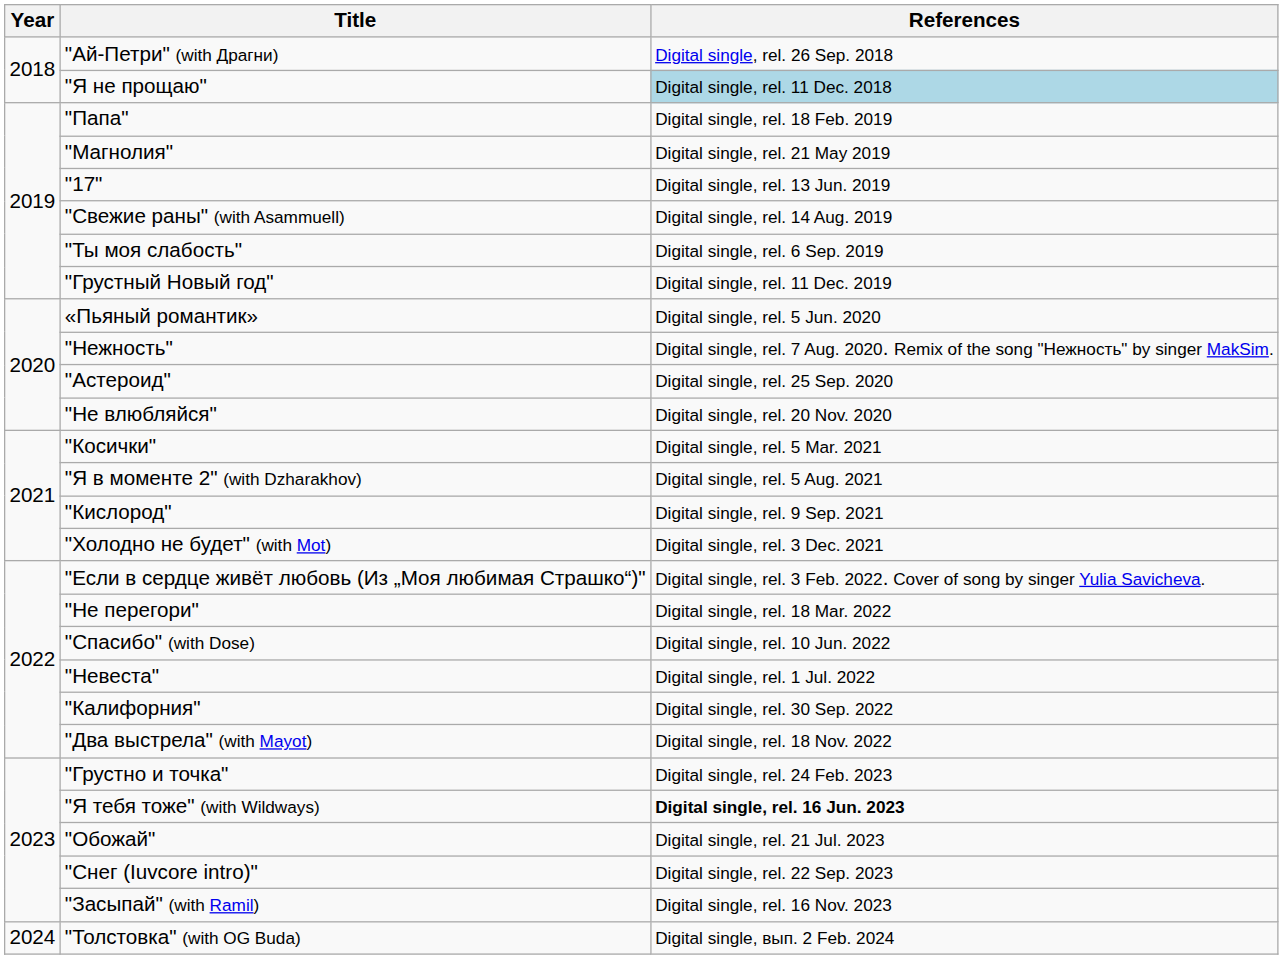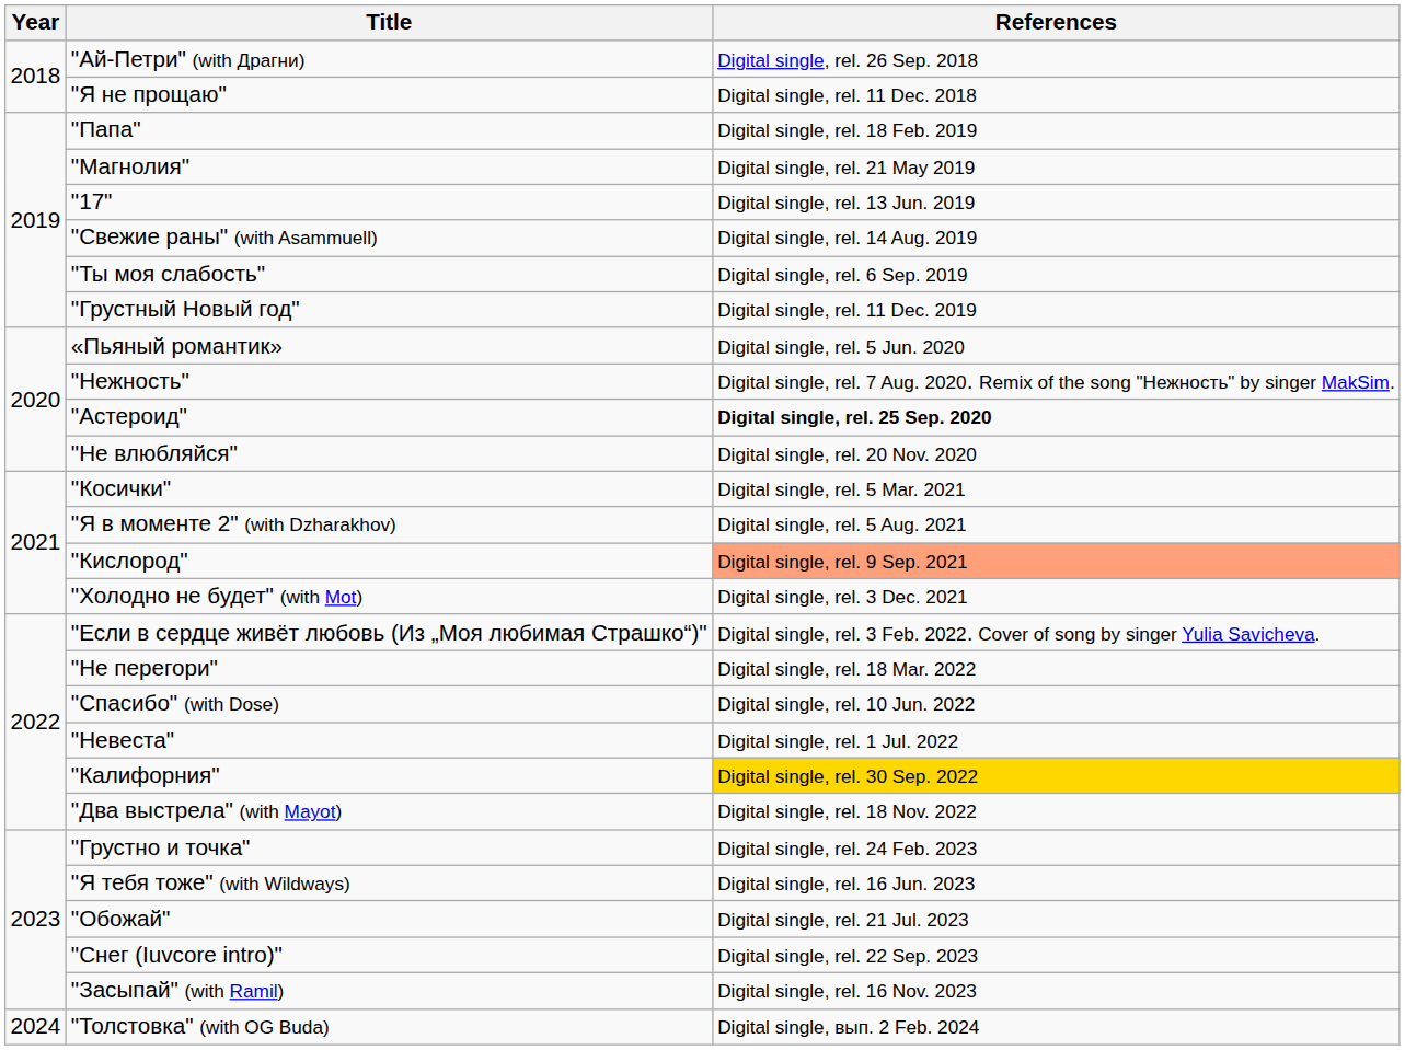 <table class="wikitable">
 <tr>
 <th rowspan="1">Year</th>
 <th rowspan="1">Title</th>
 <th rowspan="1">References</th>
 </tr>
 <tr>
 <td rowspan="2" align="center">2018</td>
 <td>"Ай-Петри" <small>(with Драгни)</small></td>
 <td><small><a href='#'>Digital single</a>, rel. 26 Sep. 2018</small></td>
 </tr>
 <tr>
 <td>"Я не прощаю"</td>
-<td style="background: lightblue;"><small>Digital single, rel. 11 Dec. 2018</small></td>
+<td><small>Digital single, rel. 11 Dec. 2018</small></td>
 </tr>
 <tr>
 <td rowspan="6" align="center">2019</td>
 <td>"Папа"</td>
 <td><small>Digital single, rel. 18 Feb. 2019</small></td>
 </tr>
 <tr>
 <td>"Магнолия"</td>
 <td><small>Digital single, rel. 21 May 2019</small></td>
 </tr>
 <tr>
 <td>"17"</td>
 <td><small>Digital single, rel. 13 Jun. 2019</small></td>
 </tr>
 <tr>
 <td>"Свежие раны" <small>(with Asammuell)</small></td>
 <td><small>Digital single, rel. 14 Aug. 2019</small></td>
 </tr>
 <tr>
 <td>"Ты моя слабость"</td>
 <td><small>Digital single, rel. 6 Sep. 2019</small></td>
 </tr>
 <tr>
 <td>"Грустный Новый год"</td>
 <td><small>Digital single, rel. 11 Dec. 2019</small></td>
 </tr>
 <tr>
 <td rowspan="4" align="center">2020</td>
 <td>«‎Пьяный романтик»</td>
 <td><small>Digital single, rel. 5 Jun. 2020</small></td>
 </tr>
 <tr>
 <td>"Нежность"</td>
 <td><small>Digital single, rel. 7 Aug. 2020</small>. <small>Remix of the song "Нежность" by singer <a href='#'>MakSim</a>.</small></td>
 </tr>
 <tr>
 <td>"Астероид"</td>
-<td><small>Digital single, rel. 25 Sep. 2020</small></td>
+<td><strong><small>Digital single, rel. 25 Sep. 2020</small></strong></td>
 </tr>
 <tr>
 <td>"Не влюбляйся"</td>
 <td><small>Digital single, rel. 20 Nov. 2020</small></td>
 </tr>
 <tr>
 <td rowspan="4" align="center">2021</td>
 <td>"Косички"</td>
 <td><small>Digital single, rel. 5 Mar. 2021</small></td>
 </tr>
 <tr>
 <td>"Я в моменте 2" <small>(with Dzharakhov)</small></td>
 <td><small>Digital single, rel. 5 Aug. 2021</small></td>
 </tr>
 <tr>
 <td>"Кислород"</td>
-<td><small>Digital single, rel. 9 Sep. 2021</small></td>
+<td style="background: lightsalmon;"><small>Digital single, rel. 9 Sep. 2021</small></td>
 </tr>
 <tr>
 <td>"Холодно не будет" <small>(with <a href='#'>Mot</a>)</small></td>
 <td><small>Digital single, rel. 3 Dec. 2021</small></td>
 </tr>
 <tr>
 <td rowspan="6">2022</td>
 <td>"Если в сердце живёт любовь (Из „Моя любимая Страшко“)"</td>
 <td><small>Digital single, rel. 3 Feb. 2022</small>.<small> Cover of song by singer <a href='#'>Yulia Savicheva</a>.</small></td>
 </tr>
 <tr>
 <td>"Не перегори"</td>
 <td><small>Digital single, rel. 18 Mar. 2022</small></td>
 </tr>
 <tr>
 <td>"Спасибо" <small>(with Dose)</small></td>
 <td><small>Digital single, rel. 10 Jun. 2022</small></td>
 </tr>
 <tr>
 <td>"Невеста"</td>
 <td><small>Digital single, rel. 1 Jul. 2022</small></td>
 </tr>
 <tr>
 <td>"Калифорния"</td>
-<td><small>Digital single, rel. 30 Sep. 2022</small></td>
+<td style="background: gold;"><small>Digital single, rel. 30 Sep. 2022</small></td>
 </tr>
 <tr>
 <td>"Два выстрела" <small>(with <a href='#'>Mayot</a>)</small></td>
 <td><small>Digital single, rel. 18 Nov. 2022</small></td>
 </tr>
 <tr>
 <td rowspan="5">2023</td>
 <td>"Грустно и точка"</td>
 <td><small>Digital single, rel. 24 Feb. 2023</small></td>
 </tr>
 <tr>
 <td>"Я тебя тоже" <small>(with Wildways)</small></td>
-<td><strong><small>Digital single, rel. 16 Jun. 2023</small></strong></td>
+<td><small>Digital single, rel. 16 Jun. 2023</small></td>
 </tr>
 <tr>
 <td>"Обожай"</td>
 <td><small>Digital single, rel. 21 Jul. 2023</small></td>
 </tr>
 <tr>
 <td>"Снег (Iuvcore intro)"</td>
 <td><small>Digital single, rel. 22 Sep. 2023</small></td>
 </tr>
 <tr>
 <td>"Засыпай" <small>(with <a href='#'>Ramil</a>)</small></td>
 <td><small>Digital single, rel. 16 Nov. 2023</small></td>
 </tr>
 <tr>
 <td>2024</td>
 <td>"Толстовка" <small>(with OG Buda)</small></td>
 <td><small>Digital single, вып. 2 Feb. 2024</small></td>
 </tr>
 </table>
